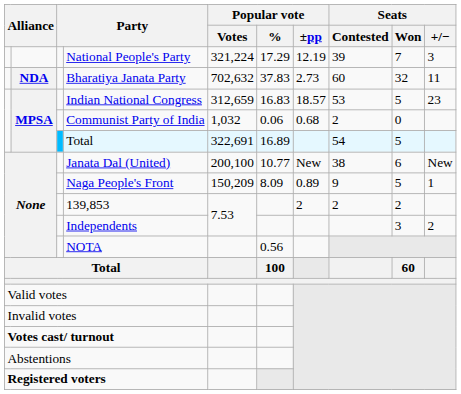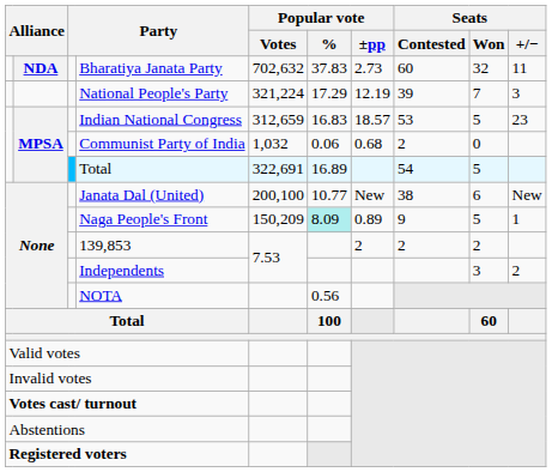 <table class="wikitable">
 <tr>
 <th colspan="2" rowspan="2">Alliance</th>
 <th colspan="2" rowspan="2">Party</th>
 <th colspan="3">Popular vote</th>
 <th colspan="3">Seats</th>
 </tr>
 <tr>
 <th>Votes</th>
 <th>%</th>
 <th>±<a href='#'>pp</a></th>
 <th>Contested</th>
 <th>Won</th>
 <th><strong>+/−</strong></th>
 </tr>
 <tr>
 <td></td>
+<th><a href='#'>NDA</a></th>
+<td style="color:inherit;background:"></td>
+<td><a href='#'>Bharatiya Janata Party</a></td>
+<td>702,632</td>
+<td>37.83</td>
+<td>2.73</td>
+<td>60</td>
+<td>32</td>
+<td>11</td>
+</tr>
+<tr>
+<td></td>
 <td></td>
 <td style="color:inherit;background:"></td>
 <td><a href='#'>National People's Party</a></td>
 <td>321,224</td>
 <td>17.29</td>
 <td>12.19</td>
 <td>39</td>
 <td>7</td>
 <td>3</td>
-</tr>
-<tr>
-<td></td>
-<th><a href='#'>NDA</a></th>
-<td style="color:inherit;background:"></td>
-<td><a href='#'>Bharatiya Janata Party</a></td>
-<td>702,632</td>
-<td>37.83</td>
-<td>2.73</td>
-<td>60</td>
-<td>32</td>
-<td>11</td>
 </tr>
 <tr>
 <td rowspan="3"></td>
 <th rowspan="3"><a href='#'>MPSA</a></th>
 <td style="color:inherit;background:"></td>
 <td><a href='#'>Indian National Congress</a></td>
 <td>312,659</td>
 <td>16.83</td>
 <td>18.57</td>
 <td>53</td>
 <td>5</td>
 <td>23</td>
 </tr>
 <tr>
 <td style="color:inherit;background:"></td>
 <td><a href='#'>Communist Party of India</a></td>
 <td>1,032</td>
 <td>0.06</td>
 <td>0.68</td>
 <td>2</td>
 <td>0</td>
 <td></td>
 </tr>
 <tr>
 <td style="background:#00bbff"></td>
 <td style="background:#e5f8ff">Total</td>
 <td style="background:#e5f8ff">322,691</td>
 <td style="background:#e5f8ff">16.89</td>
 <td style="background:#e5f8ff"></td>
 <td style="background:#e5f8ff">54</td>
 <td style="background:#e5f8ff">5</td>
 <td style="background:#e5f8ff"></td>
 </tr>
 <tr>
 <th colspan="2" rowspan="5"><em>None</em></th>
 <td style="color:inherit;background:"></td>
 <td><a href='#'>Janata Dal (United)</a></td>
 <td>200,100</td>
 <td>10.77</td>
 <td>New</td>
 <td>38</td>
 <td>6</td>
 <td>New</td>
 </tr>
 <tr>
 <td style="color:inherit;background:"></td>
 <td><a href='#'>Naga People's Front</a></td>
 <td>150,209</td>
-<td>8.09</td>
+<td style="background: paleturquoise;">8.09</td>
 <td>0.89</td>
 <td>9</td>
 <td>5</td>
 <td>1</td>
 </tr>
 <tr>
 <td></td>
 <td>139,853</td>
 <td rowspan="2">7.53</td>
 <td></td>
 <td>2</td>
 <td>2</td>
 <td>2</td>
 </tr>
 <tr>
 <td style="color:inherit;background:"></td>
 <td><a href='#'>Independents</a></td>
 <td></td>
 <td></td>
 <td></td>
 <td>3</td>
 <td>2</td>
 </tr>
 <tr>
 <td style="color:inherit;background:"></td>
 <td><a href='#'>NOTA</a></td>
 <td></td>
 <td>0.56</td>
 <td></td>
 <th colspan="3" style="background-color:#E9E9E9"></th>
 </tr>
 <tr>
 <th colspan="4">Total</th>
 <th></th>
 <th>100</th>
 <th style="background-color:#E9E9E9"></th>
 <th></th>
 <th>60</th>
 <th></th>
 </tr>
 <tr>
 <th colspan="10"></th>
 </tr>
 <tr>
 <td colspan="4" style="text-align:left;">Valid votes</td>
 <td align="right"></td>
 <td align="right"></td>
 <th colspan="4" rowspan="5" style="background-color:#E9E9E9"></th>
 </tr>
 <tr>
 <td colspan="4" style="text-align:left;">Invalid votes</td>
 <td align="right"></td>
 <td align="right"></td>
 </tr>
 <tr>
 <td colspan="4" style="text-align:left;"><strong>Votes cast/ turnout</strong></td>
 <td align="right"></td>
 <td align="right"></td>
 </tr>
 <tr>
 <td colspan="4" style="text-align:left;">Abstentions</td>
 <td align="right"></td>
 <td align="right"></td>
 </tr>
 <tr>
 <td colspan="4" style="text-align:left;"><strong>Registered voters</strong></td>
 <td align="right"></td>
 <td style="background-color:#E9E9E9"></td>
 </tr>
 </table>
